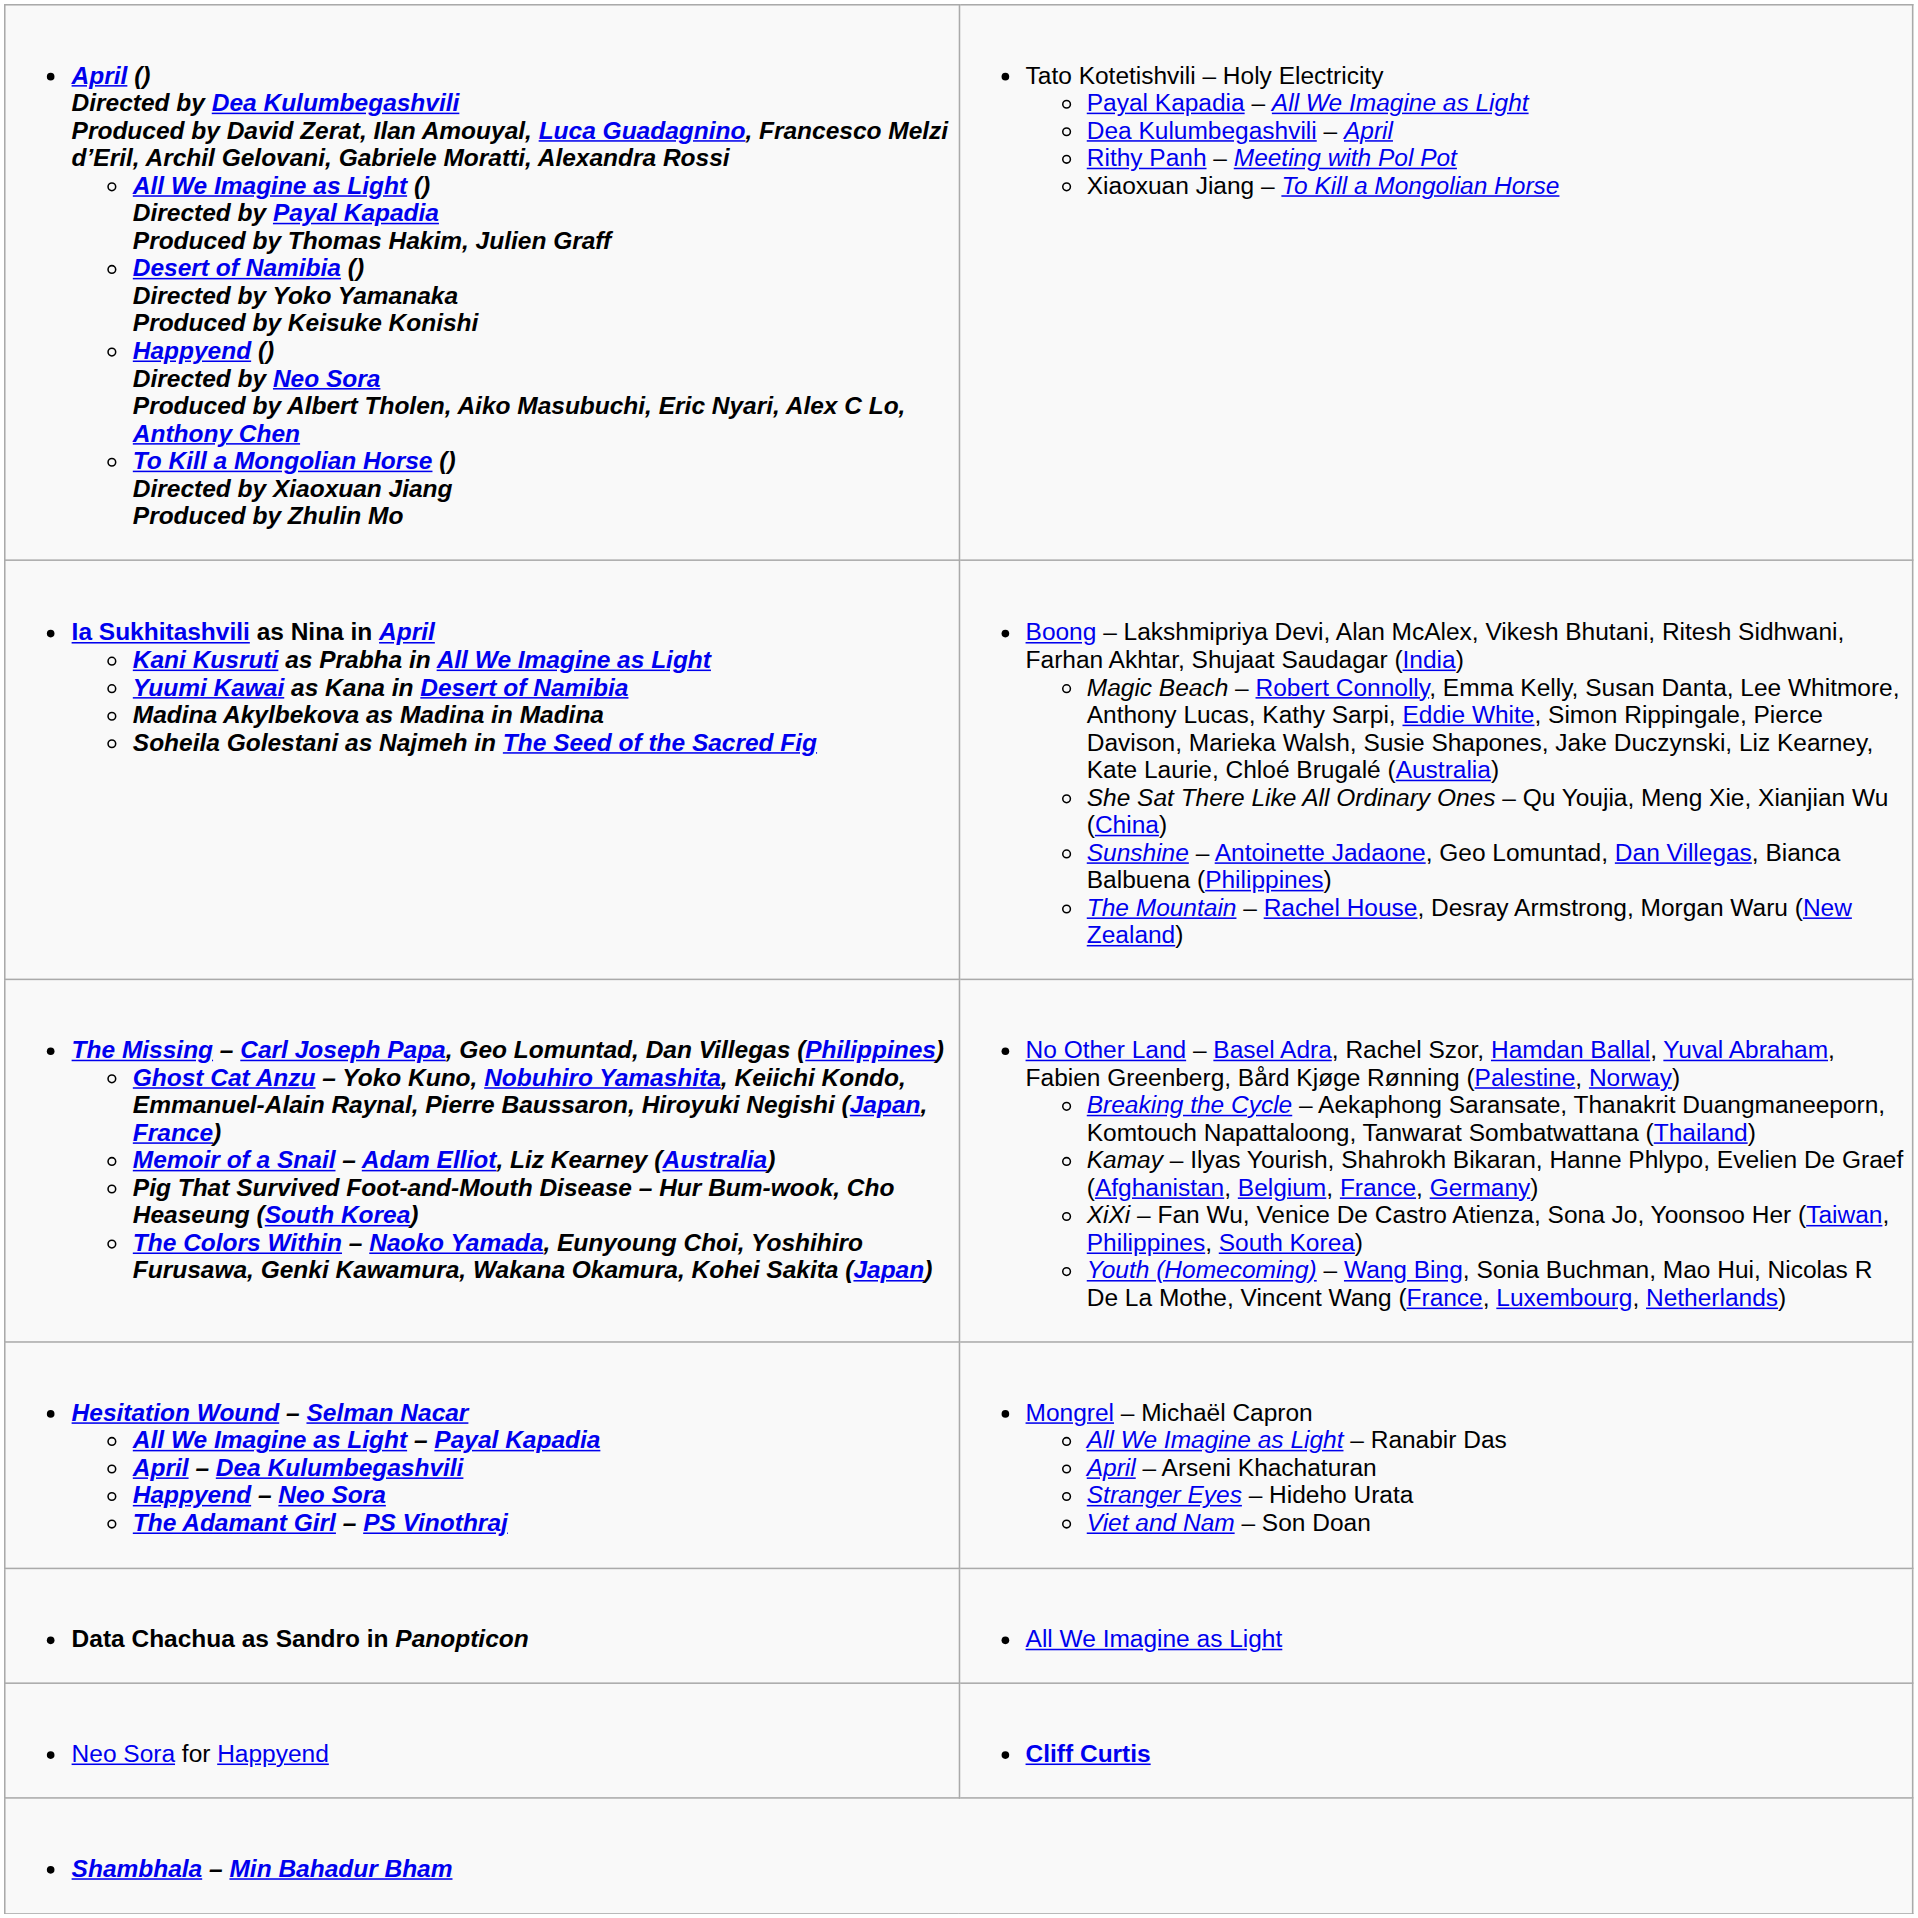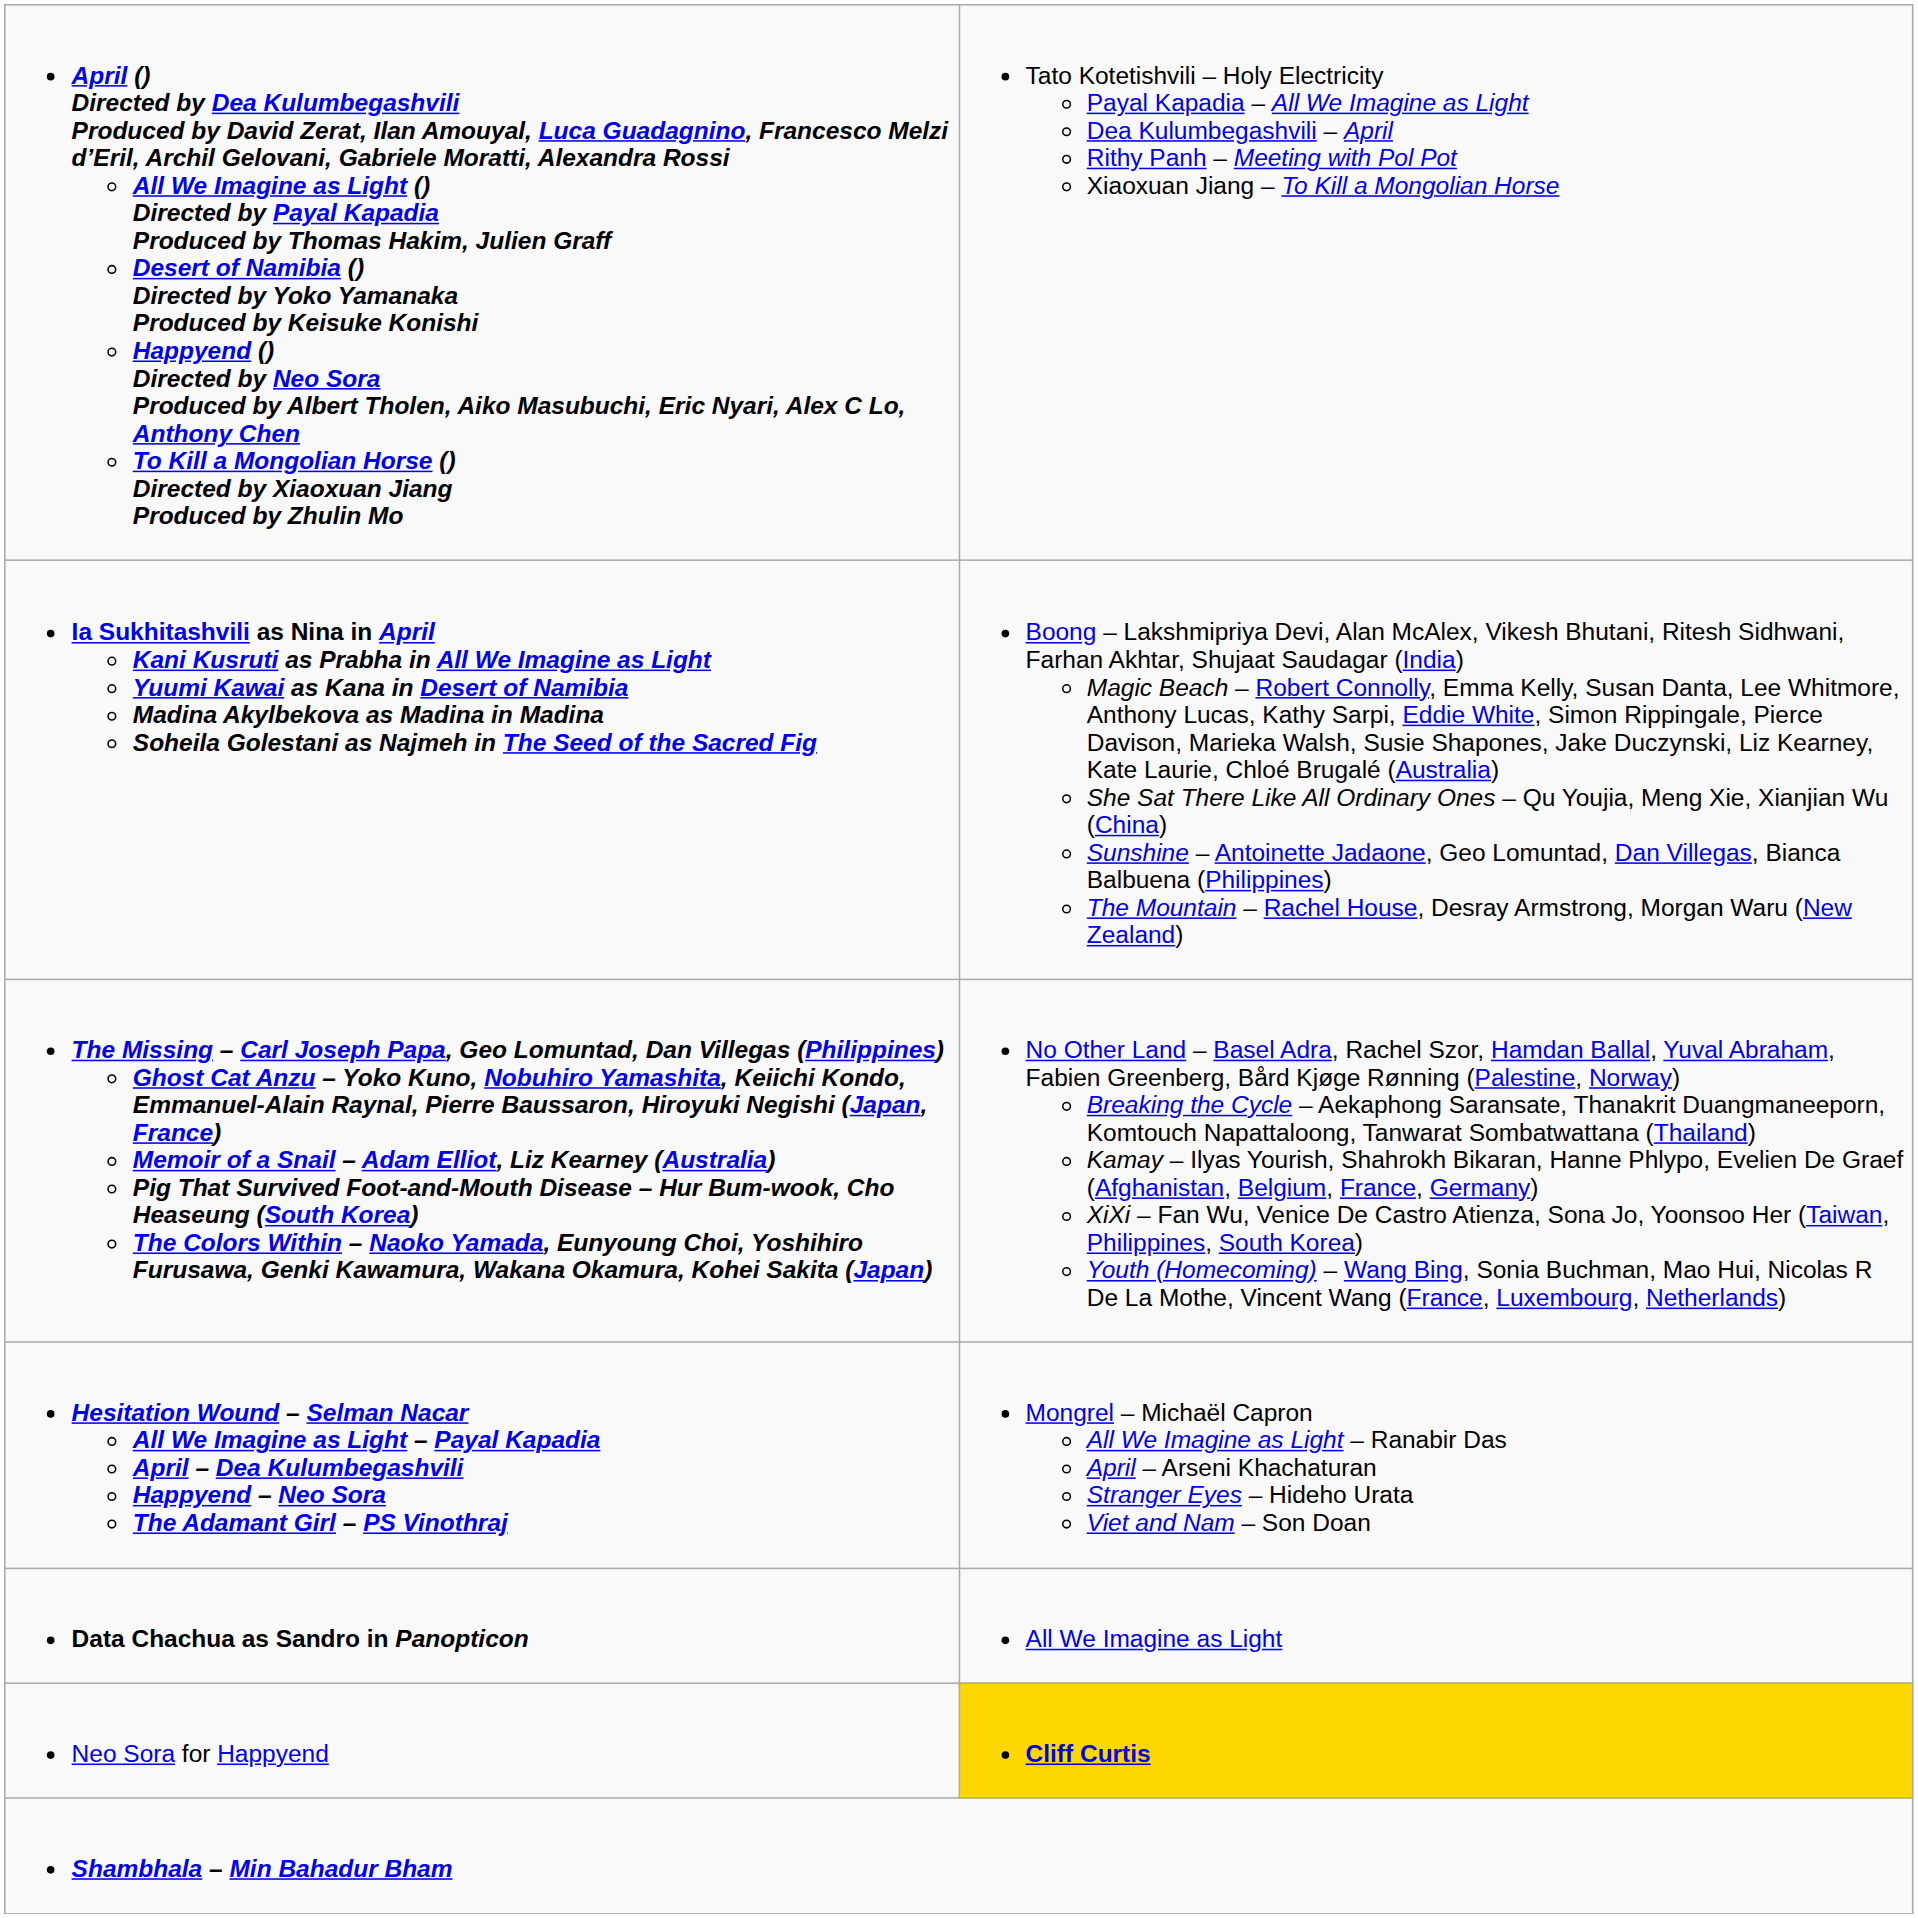 <table class="wikitable">
 <tr>
 <td style="vertical-align:top;" width="50%"><br><ul><li><strong><em><a href='#'>April</a><em> ()<br>Directed by <a href='#'>Dea Kulumbegashvili</a><br>Produced by David Zerat, Ilan Amouyal, <a href='#'>Luca Guadagnino</a>, Francesco Melzi d’Eril, Archil Gelovani, Gabriele Moratti, Alexandra Rossi<strong><ul><li></em><a href='#'>All We Imagine as Light</a><em> ()<br>Directed by <a href='#'>Payal Kapadia</a><br>Produced by Thomas Hakim, Julien Graff</li><li></em><a href='#'>Desert of Namibia</a><em> ()<br>Directed by Yoko Yamanaka<br>Produced by Keisuke Konishi</li><li></em><a href='#'>Happyend</a><em> ()<br>Directed by <a href='#'>Neo Sora</a><br>Produced by Albert Tholen, Aiko Masubuchi, Eric Nyari, Alex C Lo, <a href='#'>Anthony Chen</a></li><li></em><a href='#'>To Kill a Mongolian Horse</a><em> ()<br>Directed by Xiaoxuan Jiang<br>Produced by Zhulin Mo</li></ul></li></ul></td>
 <td style="vertical-align:top;" width="50%"><br><ul><li></strong>Tato Kotetishvili – </em>Holy Electricity</em></strong><ul><li><a href='#'>Payal Kapadia</a> – <em><a href='#'>All We Imagine as Light</a></em></li><li><a href='#'>Dea Kulumbegashvili</a> – <em><a href='#'>April</a></em></li><li><a href='#'>Rithy Panh</a> – <em><a href='#'>Meeting with Pol Pot</a></em></li><li>Xiaoxuan Jiang – <em><a href='#'>To Kill a Mongolian Horse</a></em></li></ul></li></ul></td>
 </tr>
 <tr>
 <td style="vertical-align:top;" width="50%"><br><ul><li><strong><a href='#'>Ia Sukhitashvili</a> as Nina in <em><a href='#'>April</a><strong><em><ul><li><a href='#'>Kani Kusruti</a> as Prabha in </em><a href='#'>All We Imagine as Light</a><em></li><li><a href='#'>Yuumi Kawai</a> as Kana in </em><a href='#'>Desert of Namibia</a><em></li><li>Madina Akylbekova as Madina in </em>Madina<em></li><li>Soheila Golestani as Najmeh in </em><a href='#'>The Seed of the Sacred Fig</a><em></li></ul></li></ul></td>
 <td style="vertical-align:top;" width="50%"><br><ul><li></em></strong><a href='#'>Boong</a></em> – Lakshmipriya Devi, Alan McAlex, Vikesh Bhutani, Ritesh Sidhwani, Farhan Akhtar, Shujaat Saudagar (<a href='#'>India</a>)</strong><ul><li><em>Magic Beach</em> – <a href='#'>Robert Connolly</a>, Emma Kelly, Susan Danta, Lee Whitmore, Anthony Lucas, Kathy Sarpi, <a href='#'>Eddie White</a>, Simon Rippingale, Pierce Davison, Marieka Walsh, Susie Shapones, Jake Duczynski, Liz Kearney, Kate Laurie, Chloé Brugalé (<a href='#'>Australia</a>)</li><li><em>She Sat There Like All Ordinary Ones</em> – Qu Youjia, Meng Xie, Xianjian Wu (<a href='#'>China</a>)</li><li><em><a href='#'>Sunshine</a></em> – <a href='#'>Antoinette Jadaone</a>, Geo Lomuntad, <a href='#'>Dan Villegas</a>, Bianca Balbuena (<a href='#'>Philippines</a>)</li><li><em><a href='#'>The Mountain</a></em> – <a href='#'>Rachel House</a>, Desray Armstrong, Morgan Waru (<a href='#'>New Zealand</a>)</li></ul></li></ul></td>
 </tr>
 <tr>
 <td style="vertical-align:top;" width="50%"><br><ul><li><strong><em><a href='#'>The Missing</a><em> – <a href='#'>Carl Joseph Papa</a>, Geo Lomuntad, Dan Villegas (<a href='#'>Philippines</a>)<strong><ul><li></em><a href='#'>Ghost Cat Anzu</a><em> – Yoko Kuno, <a href='#'>Nobuhiro Yamashita</a>, Keiichi Kondo, Emmanuel-Alain Raynal, Pierre Baussaron, Hiroyuki Negishi (<a href='#'>Japan</a>, <a href='#'>France</a>)</li><li></em><a href='#'>Memoir of a Snail</a><em> – <a href='#'>Adam Elliot</a>, Liz Kearney (<a href='#'>Australia</a>)</li><li></em>Pig That Survived Foot-and-Mouth Disease<em> – Hur Bum-wook, Cho Heaseung (<a href='#'>South Korea</a>)</li><li></em><a href='#'>The Colors Within</a><em> – <a href='#'>Naoko Yamada</a>, Eunyoung Choi, Yoshihiro Furusawa, Genki Kawamura, Wakana Okamura, Kohei Sakita (<a href='#'>Japan</a>)</li></ul></li></ul></td>
 <td style="vertical-align:top;" width="50%"><br><ul><li></em></strong><a href='#'>No Other Land</a></em> – <a href='#'>Basel Adra</a>, Rachel Szor, <a href='#'>Hamdan Ballal</a>, <a href='#'>Yuval Abraham</a>, Fabien Greenberg, Bård Kjøge Rønning (<a href='#'>Palestine</a>, <a href='#'>Norway</a>)</strong><ul><li><em><a href='#'>Breaking the Cycle</a></em> – Aekaphong Saransate, Thanakrit Duangmaneeporn, Komtouch Napattaloong, Tanwarat Sombatwattana (<a href='#'>Thailand</a>)</li><li><em>Kamay</em> – Ilyas Yourish, Shahrokh Bikaran, Hanne Phlypo, Evelien De Graef (<a href='#'>Afghanistan</a>, <a href='#'>Belgium</a>, <a href='#'>France</a>, <a href='#'>Germany</a>)</li><li><em>XiXi</em> – Fan Wu, Venice De Castro Atienza, Sona Jo, Yoonsoo Her (<a href='#'>Taiwan</a>, <a href='#'>Philippines</a>, <a href='#'>South Korea</a>)</li><li><em><a href='#'>Youth (Homecoming)</a></em> – <a href='#'>Wang Bing</a>, Sonia Buchman, Mao Hui, Nicolas R De La Mothe, Vincent Wang (<a href='#'>France</a>, <a href='#'>Luxembourg</a>, <a href='#'>Netherlands</a>)</li></ul></li></ul></td>
 </tr>
 <tr>
 <td style="vertical-align:top;" width="50%"><br><ul><li><strong><em><a href='#'>Hesitation Wound</a><em> – <a href='#'>Selman Nacar</a><strong><ul><li></em><a href='#'>All We Imagine as Light</a><em> – <a href='#'>Payal Kapadia</a></li><li></em><a href='#'>April</a><em> – <a href='#'>Dea Kulumbegashvili</a></li><li></em><a href='#'>Happyend</a><em> – <a href='#'>Neo Sora</a></li><li></em><a href='#'>The Adamant Girl</a><em> – <a href='#'>PS Vinothraj</a></li></ul></li></ul></td>
 <td style="vertical-align:top;" width="50%"><br><ul><li></em></strong><a href='#'>Mongrel</a></em> – Michaël Capron</strong><ul><li><em><a href='#'>All We Imagine as Light</a></em> – Ranabir Das</li><li><em><a href='#'>April</a></em> – Arseni Khachaturan</li><li><em><a href='#'>Stranger Eyes</a></em> – Hideho Urata</li><li><em><a href='#'>Viet and Nam</a></em> – Son Doan</li></ul></li></ul></td>
 </tr>
 <tr>
 <td style="vertical-align:top;" width="50%"><br><ul><li><strong>Data Chachua as Sandro in <em>Panopticon<strong><em></li></ul></td>
 <td style="vertical-align:top;" width="50%"><br><ul><li></em></strong><a href='#'>All We Imagine as Light</a><strong><em></li></ul></td>
 </tr>
 <tr>
 <td style="vertical-align:top;" width="50%"><br><ul><li></strong><a href='#'>Neo Sora</a> for </em><a href='#'>Happyend</a></em></strong></li></ul></td>
-<td style="vertical-align:top;" width="50%"><br><ul><li><strong><a href='#'>Cliff Curtis</a></strong></li></ul></td>
+<td style="background: gold; vertical-align:top;" width="50%"><br><ul><li><strong><a href='#'>Cliff Curtis</a></strong></li></ul></td>
 </tr>
 <tr>
 <td colspan="2" style="vertical-align:top;" width="50%"><br><ul><li><strong><em><a href='#'>Shambhala</a><em> – <a href='#'>Min Bahadur Bham</a><strong></li></ul></td>
 </tr>
 <tr>
 </tr>
 </table>
